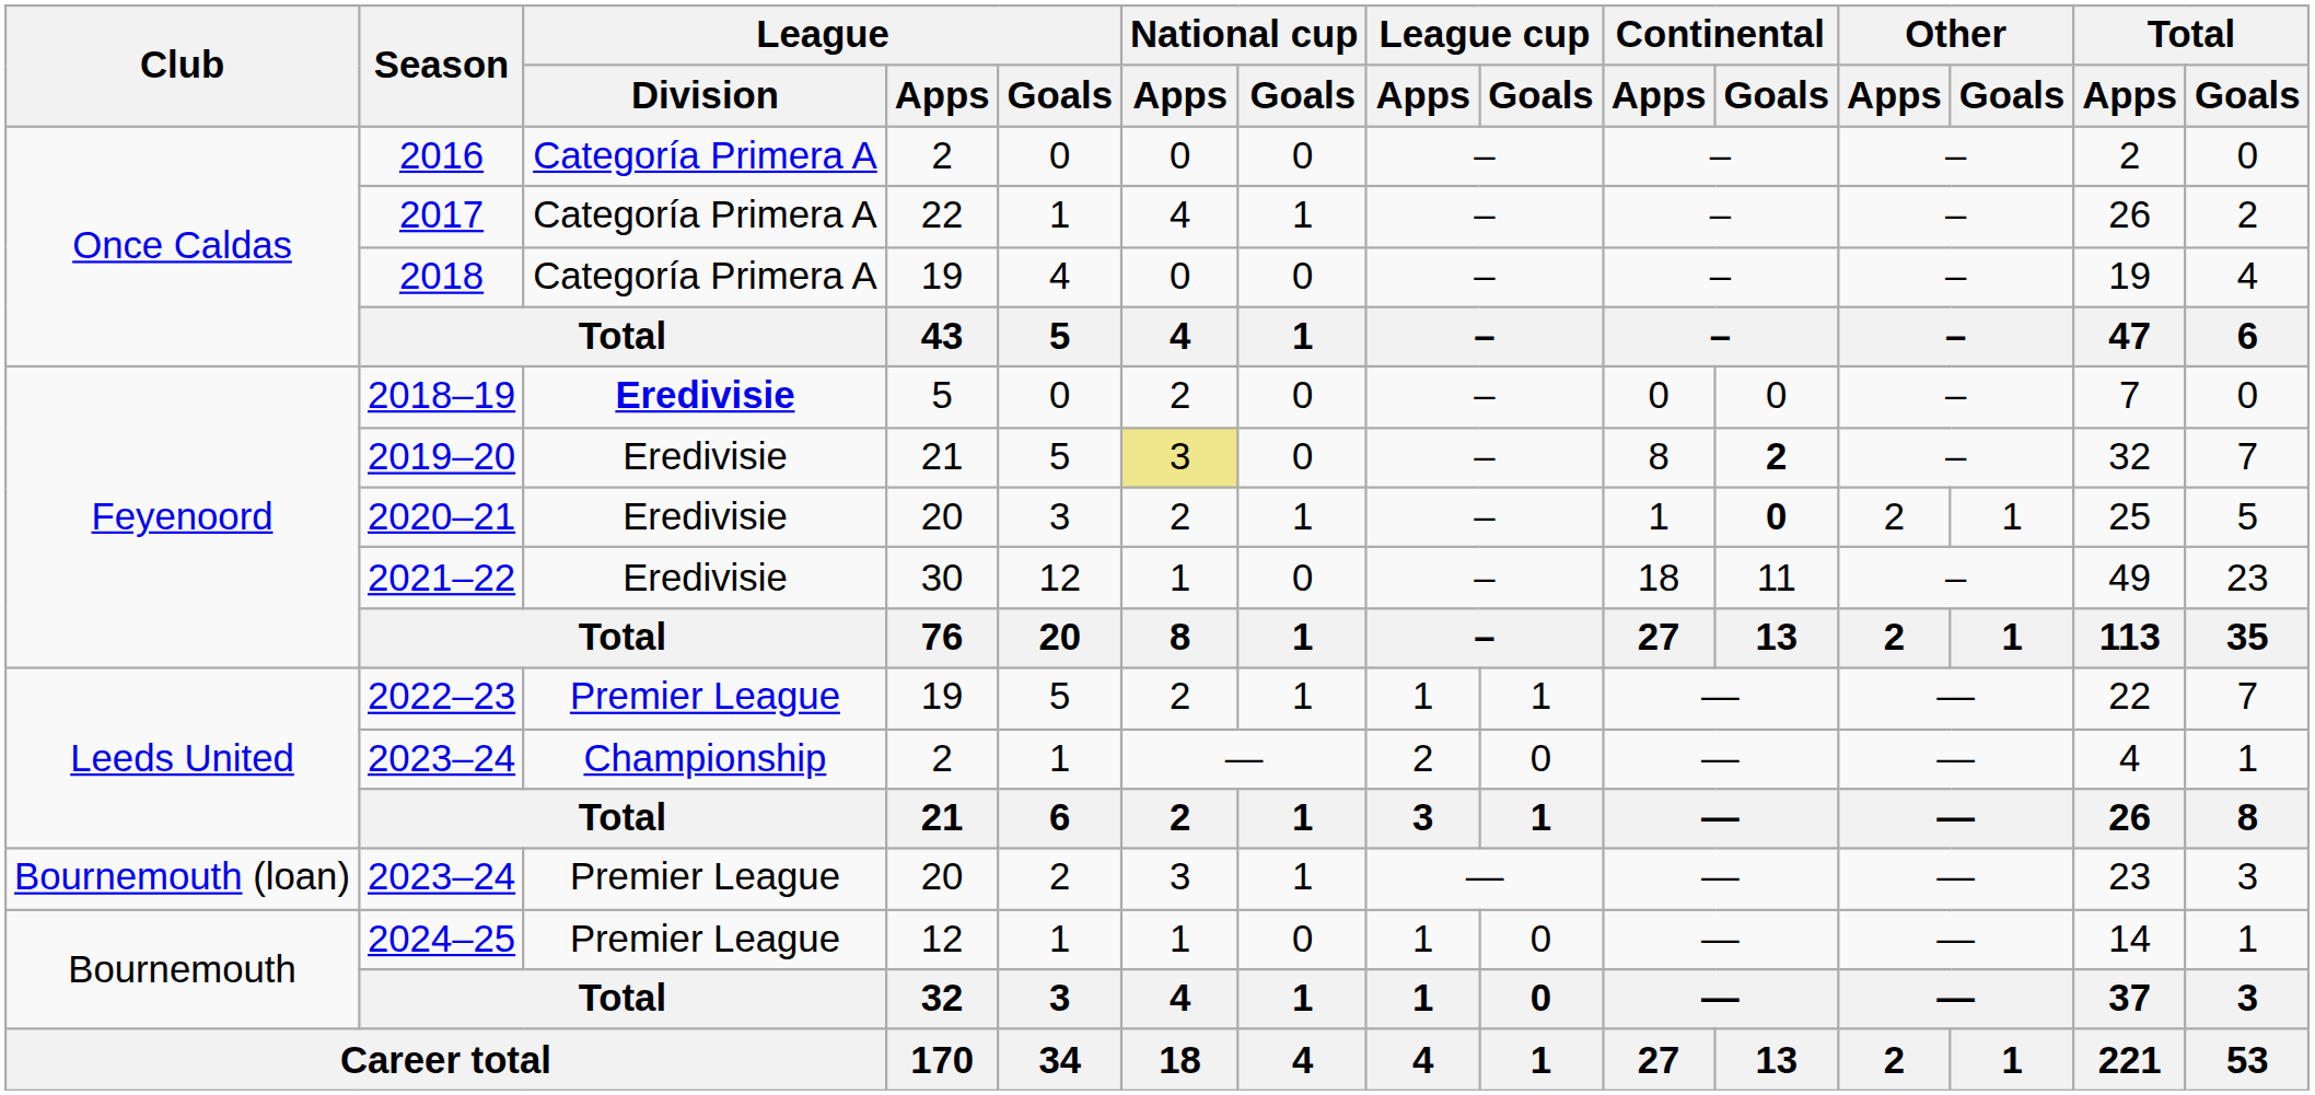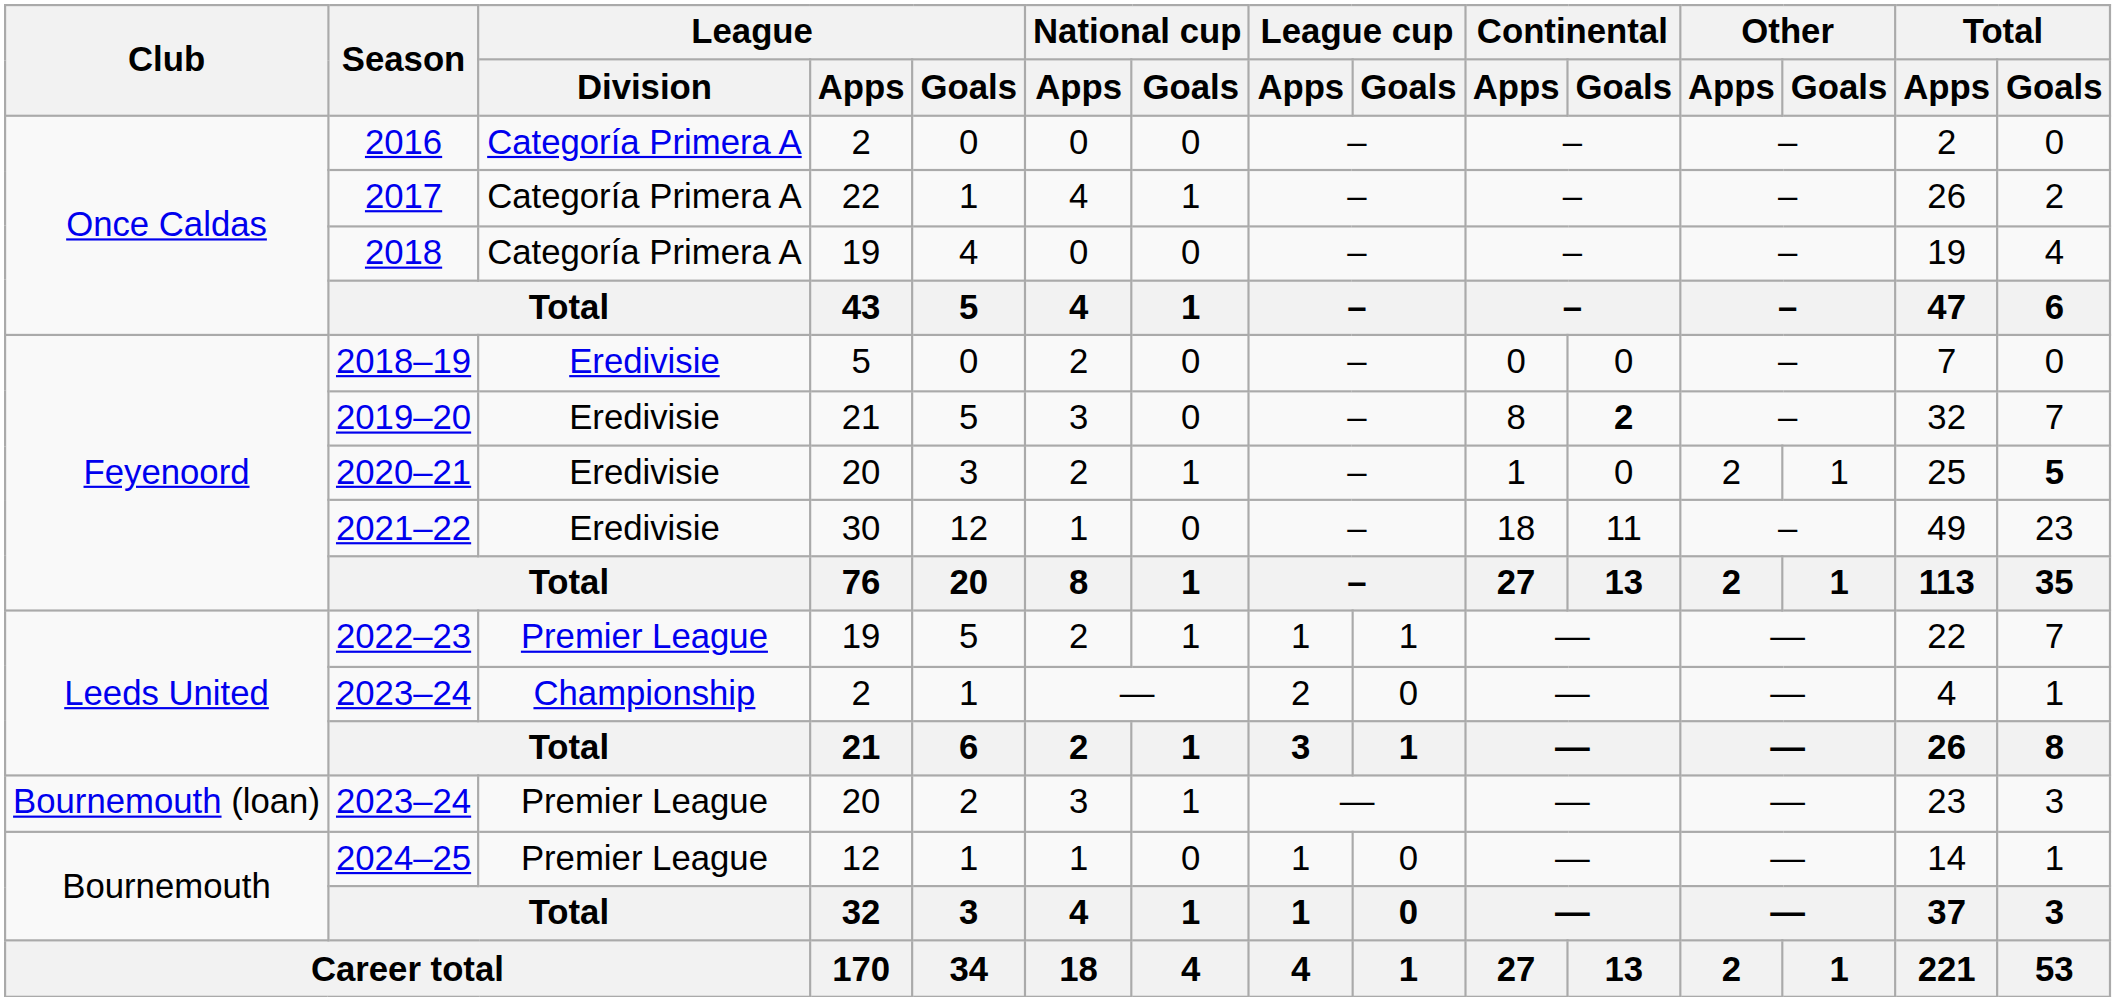 <table class="wikitable" style="text-align:center">
 <tr>
 <th rowspan="2">Club</th>
 <th rowspan="2">Season</th>
 <th colspan="3">League</th>
 <th colspan="2">National cup</th>
 <th colspan="2">League cup</th>
 <th colspan="2">Continental</th>
 <th colspan="2">Other</th>
 <th colspan="2">Total</th>
 </tr>
 <tr>
 <th>Division</th>
 <th>Apps</th>
 <th>Goals</th>
 <th>Apps</th>
 <th>Goals</th>
 <th>Apps</th>
 <th>Goals</th>
 <th>Apps</th>
 <th>Goals</th>
 <th>Apps</th>
 <th>Goals</th>
 <th>Apps</th>
 <th>Goals</th>
 </tr>
 <tr>
 <td rowspan="4"><a href='#'>Once Caldas</a></td>
 <td><a href='#'>2016</a></td>
 <td><a href='#'>Categoría Primera A</a></td>
 <td>2</td>
 <td>0</td>
 <td>0</td>
 <td>0</td>
 <td colspan="2">–</td>
 <td colspan="2">–</td>
 <td colspan="2">–</td>
 <td>2</td>
 <td>0</td>
 </tr>
 <tr>
 <td><a href='#'>2017</a></td>
 <td>Categoría Primera A</td>
 <td>22</td>
 <td>1</td>
 <td>4</td>
 <td>1</td>
 <td colspan="2">–</td>
 <td colspan="2">–</td>
 <td colspan="2">–</td>
 <td>26</td>
 <td>2</td>
 </tr>
 <tr>
 <td><a href='#'>2018</a></td>
 <td>Categoría Primera A</td>
 <td>19</td>
 <td>4</td>
 <td>0</td>
 <td>0</td>
 <td colspan="2">–</td>
 <td colspan="2">–</td>
 <td colspan="2">–</td>
 <td>19</td>
 <td>4</td>
 </tr>
 <tr>
 <th colspan="2">Total</th>
 <th>43</th>
 <th>5</th>
 <th>4</th>
 <th>1</th>
 <th colspan="2">–</th>
 <th colspan="2">–</th>
 <th colspan="2">–</th>
 <th>47</th>
 <th>6</th>
 </tr>
 <tr>
 <td rowspan="5"><a href='#'>Feyenoord</a></td>
 <td><a href='#'>2018–19</a></td>
-<td><strong><a href='#'>Eredivisie</a></strong></td>
+<td><a href='#'>Eredivisie</a></td>
 <td>5</td>
 <td>0</td>
 <td>2</td>
 <td>0</td>
 <td colspan="2">–</td>
 <td>0</td>
 <td>0</td>
 <td colspan="2">–</td>
 <td>7</td>
 <td>0</td>
 </tr>
 <tr>
 <td><a href='#'>2019–20</a></td>
 <td>Eredivisie</td>
 <td>21</td>
 <td>5</td>
-<td style="background: khaki;">3</td>
+<td>3</td>
 <td>0</td>
 <td colspan="2">–</td>
 <td>8</td>
 <td><strong>2</strong></td>
 <td colspan="2">–</td>
 <td>32</td>
 <td>7</td>
 </tr>
 <tr>
 <td><a href='#'>2020–21</a></td>
 <td>Eredivisie</td>
 <td>20</td>
 <td>3</td>
 <td>2</td>
 <td>1</td>
 <td colspan="2">–</td>
 <td>1</td>
-<td><strong>0</strong></td>
+<td>0</td>
 <td>2</td>
 <td>1</td>
 <td>25</td>
-<td>5</td>
+<td><strong>5</strong></td>
 </tr>
 <tr>
 <td><a href='#'>2021–22</a></td>
 <td>Eredivisie</td>
 <td>30</td>
 <td>12</td>
 <td>1</td>
 <td>0</td>
 <td colspan="2">–</td>
 <td>18</td>
 <td>11</td>
 <td colspan="2">–</td>
 <td>49</td>
 <td>23</td>
 </tr>
 <tr>
 <th colspan="2">Total</th>
 <th>76</th>
 <th>20</th>
 <th>8</th>
 <th>1</th>
 <th colspan="2">–</th>
 <th>27</th>
 <th>13</th>
 <th>2</th>
 <th>1</th>
 <th>113</th>
 <th>35</th>
 </tr>
 <tr>
 <td rowspan="3"><a href='#'>Leeds United</a></td>
 <td><a href='#'>2022–23</a></td>
 <td><a href='#'>Premier League</a></td>
 <td>19</td>
 <td>5</td>
 <td>2</td>
 <td>1</td>
 <td>1</td>
 <td>1</td>
 <td colspan="2">—</td>
 <td colspan="2">—</td>
 <td>22</td>
 <td>7</td>
 </tr>
 <tr>
 <td><a href='#'>2023–24</a></td>
 <td><a href='#'>Championship</a></td>
 <td>2</td>
 <td>1</td>
 <td colspan="2">—</td>
 <td>2</td>
 <td>0</td>
 <td colspan="2">—</td>
 <td colspan="2">—</td>
 <td>4</td>
 <td>1</td>
 </tr>
 <tr>
 <th colspan="2">Total</th>
 <th>21</th>
 <th>6</th>
 <th>2</th>
 <th>1</th>
 <th>3</th>
 <th>1</th>
 <th colspan="2">—</th>
 <th colspan="2">—</th>
 <th>26</th>
 <th>8</th>
 </tr>
 <tr>
 <td><a href='#'>Bournemouth</a> (loan)</td>
 <td><a href='#'>2023–24</a></td>
 <td>Premier League</td>
 <td>20</td>
 <td>2</td>
 <td>3</td>
 <td>1</td>
 <td colspan="2">—</td>
 <td colspan="2">—</td>
 <td colspan="2">—</td>
 <td>23</td>
 <td>3</td>
 </tr>
 <tr>
 <td rowspan="2">Bournemouth</td>
 <td><a href='#'>2024–25</a></td>
 <td>Premier League</td>
 <td>12</td>
 <td>1</td>
 <td>1</td>
 <td>0</td>
 <td>1</td>
 <td>0</td>
 <td colspan="2">—</td>
 <td colspan="2">—</td>
 <td>14</td>
 <td>1</td>
 </tr>
 <tr>
 <th colspan="2">Total</th>
 <th>32</th>
 <th>3</th>
 <th>4</th>
 <th>1</th>
 <th>1</th>
 <th>0</th>
 <th colspan="2">—</th>
 <th colspan="2">—</th>
 <th>37</th>
 <th>3</th>
 </tr>
 <tr>
 <th colspan="3">Career total</th>
 <th>170</th>
 <th>34</th>
 <th>18</th>
 <th>4</th>
 <th>4</th>
 <th>1</th>
 <th>27</th>
 <th>13</th>
 <th>2</th>
 <th>1</th>
 <th>221</th>
 <th>53</th>
 </tr>
 </table>
